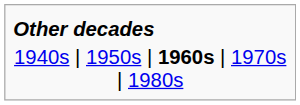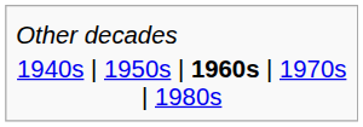 <table class="infobox" width=230>
 <tr>
 <td></td>
 </tr>
 <tr>
-<td><strong><em>Other decades</em></strong></td>
+<td><em>Other decades</em></td>
 </tr>
 <tr>
 <td align="center"><a href='#'>1940s</a> | <a href='#'>1950s</a> | <strong>1960s</strong> | <a href='#'>1970s</a> | <a href='#'>1980s</a></td>
 </tr>
 </table>
